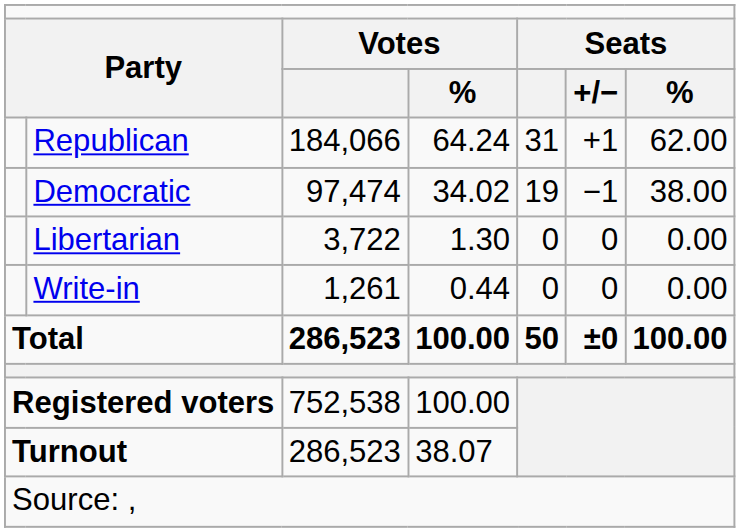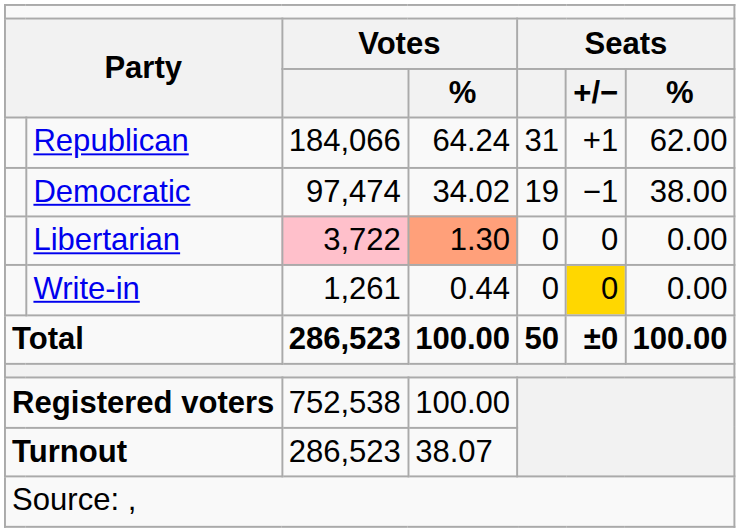 <table class="wikitable">
 <tr>
 <td colspan="7"></td>
 </tr>
 <tr>
 <th colspan="2" rowspan="2">Party</th>
 <th colspan="2">Votes</th>
 <th colspan="3">Seats</th>
 </tr>
 <tr>
 <th></th>
 <th>%</th>
 <th></th>
 <th>+/−</th>
 <th>%</th>
 </tr>
 <tr>
 <td style="background-color:"></td>
 <td><a href='#'>Republican</a></td>
 <td style="text-align:right">184,066</td>
 <td style="text-align:right">64.24</td>
 <td style="text-align:right">31</td>
 <td style="text-align:right">+1</td>
 <td style="text-align:right">62.00</td>
 </tr>
 <tr>
 <td style="background-color:"></td>
 <td><a href='#'>Democratic</a></td>
 <td style="text-align:right">97,474</td>
 <td style="text-align:right">34.02</td>
 <td style="text-align:right">19</td>
 <td style="text-align:right">−1</td>
 <td style="text-align:right">38.00</td>
 </tr>
 <tr>
 <td style="background-color:"></td>
 <td><a href='#'>Libertarian</a></td>
-<td style="text-align:right">3,722</td>
-<td style="text-align:right">1.30</td>
+<td style="background: pink; text-align:right">3,722</td>
+<td style="background: lightsalmon; text-align:right">1.30</td>
 <td style="text-align:right">0</td>
 <td style="text-align:right">0</td>
 <td style="text-align:right">0.00</td>
 </tr>
 <tr>
 <td style="background-color:"></td>
 <td><a href='#'>Write-in</a></td>
 <td style="text-align:right">1,261</td>
 <td style="text-align:right">0.44</td>
 <td style="text-align:right">0</td>
-<td style="text-align:right">0</td>
+<td style="background: gold; text-align:right">0</td>
 <td style="text-align:right">0.00</td>
 </tr>
 <tr>
 <td colspan="2"><strong>Total</strong></td>
 <td style="text-align:right"><strong>286,523</strong></td>
 <td style="text-align:right"><strong>100.00</strong></td>
 <td style="text-align:right"><strong>50</strong></td>
 <td style="text-align:right"><strong>±0</strong></td>
 <td style="text-align:right"><strong>100.00</strong></td>
 </tr>
 <tr>
 <th colspan="7"></th>
 </tr>
 <tr>
 <td colspan="2"><strong>Registered voters</strong></td>
 <td>752,538</td>
 <td>100.00</td>
 <th colspan="3" rowspan="2"></th>
 </tr>
 <tr>
 <td colspan="2"><strong>Turnout</strong></td>
 <td>286,523</td>
 <td>38.07</td>
 </tr>
 <tr>
 <td colspan="7">Source: , </td>
 </tr>
 </table>
